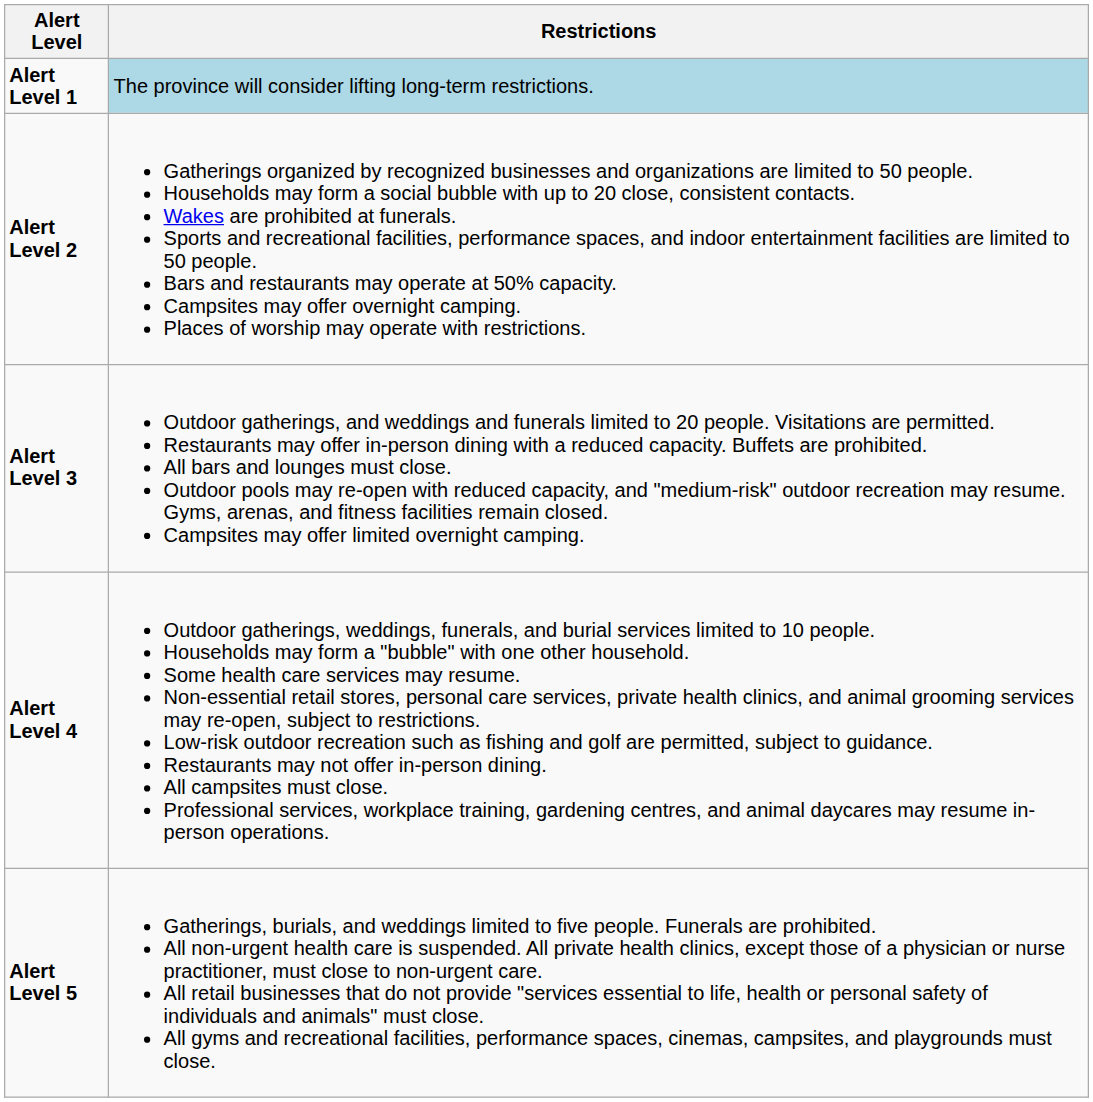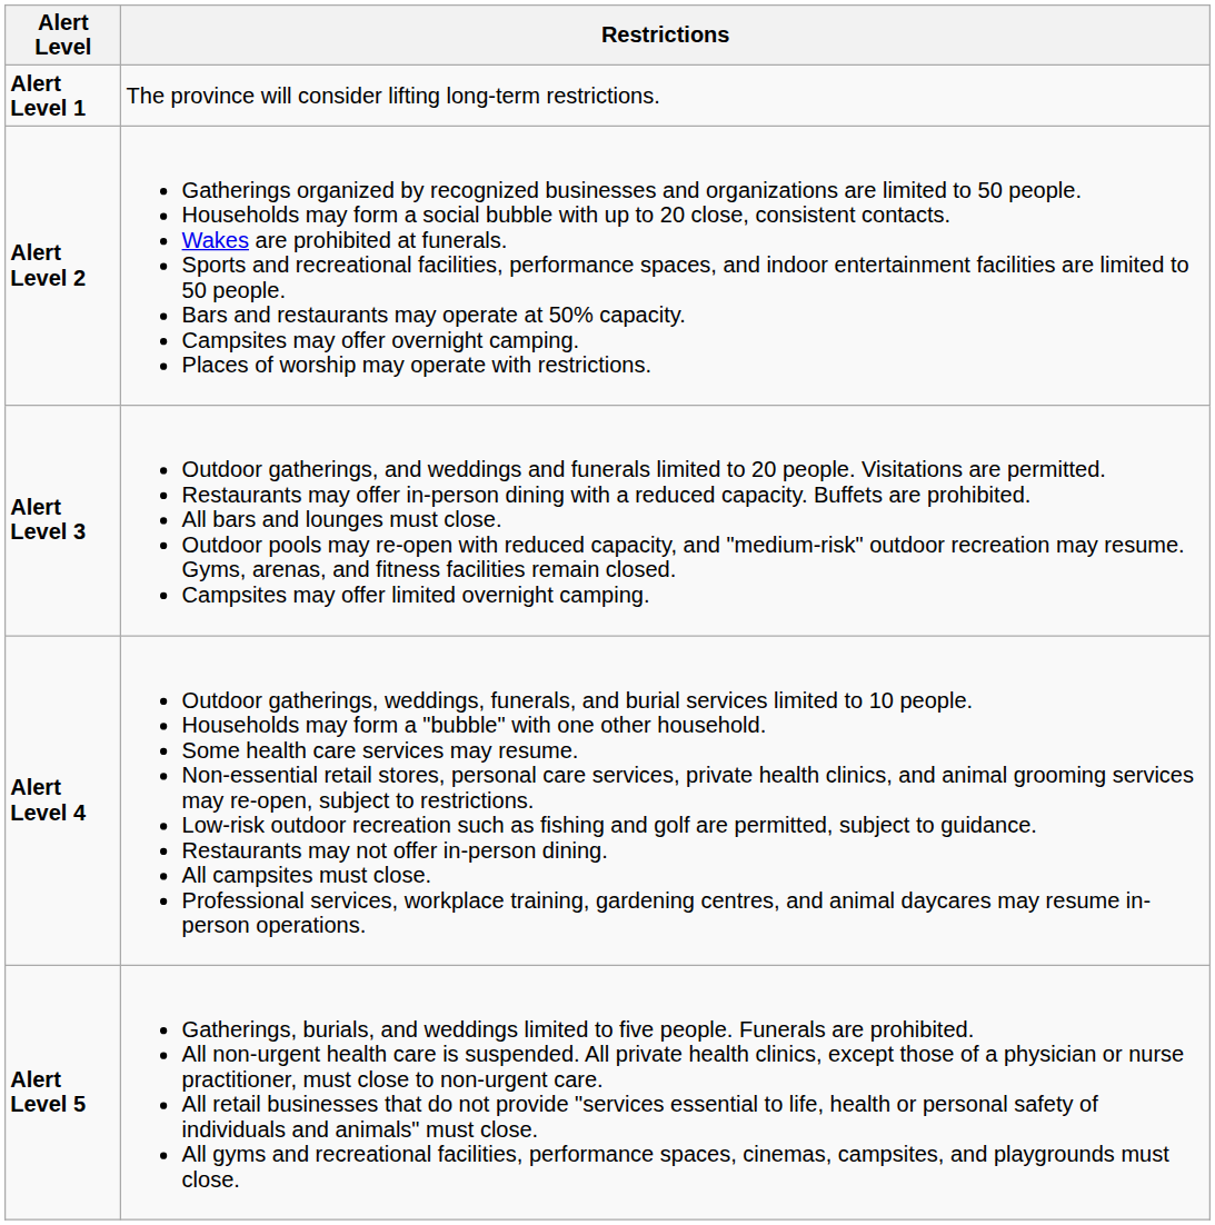 <table class="wikitable">
 <tr>
 <th>Alert Level</th>
 <th>Restrictions</th>
 </tr>
 <tr>
 <td><strong>Alert Level 1</strong></td>
-<td style="background: lightblue;">The province will consider lifting long-term restrictions.</td>
+<td>The province will consider lifting long-term restrictions.</td>
 </tr>
 <tr>
 <td><strong>Alert Level 2</strong></td>
 <td><br><ul><li>Gatherings organized by recognized businesses and organizations are limited to 50 people.</li><li>Households may form a social bubble with up to 20 close, consistent contacts.</li><li><a href='#'>Wakes</a> are prohibited at funerals.</li><li>Sports and recreational facilities, performance spaces, and indoor entertainment facilities are limited to 50 people.</li><li>Bars and restaurants may operate at 50% capacity.</li><li>Campsites may offer overnight camping.</li><li>Places of worship may operate with restrictions.</li></ul></td>
 </tr>
 <tr>
 <td><strong>Alert Level 3</strong></td>
 <td><br><ul><li>Outdoor gatherings, and weddings and funerals limited to 20 people. Visitations are permitted.</li><li>Restaurants may offer in-person dining with a reduced capacity. Buffets are prohibited.</li><li>All bars and lounges must close.</li><li>Outdoor pools may re-open with reduced capacity, and "medium-risk" outdoor recreation may resume. Gyms, arenas, and fitness facilities remain closed.</li><li>Campsites may offer limited overnight camping.</li></ul></td>
 </tr>
 <tr>
 <td><strong>Alert Level 4</strong></td>
 <td><br><ul><li>Outdoor gatherings, weddings, funerals, and burial services limited to 10 people.</li><li>Households may form a "bubble" with one other household.</li><li>Some health care services may resume.</li><li>Non-essential retail stores, personal care services, private health clinics, and animal grooming services may re-open, subject to restrictions.</li><li>Low-risk outdoor recreation such as fishing and golf are permitted, subject to guidance.</li><li>Restaurants may not offer in-person dining.</li><li>All campsites must close.</li><li>Professional services, workplace training, gardening centres, and animal daycares may resume in-person operations.</li></ul></td>
 </tr>
 <tr>
 <td><strong>Alert Level 5</strong></td>
 <td><br><ul><li>Gatherings, burials, and weddings limited to five people. Funerals are prohibited.</li><li>All non-urgent health care is suspended. All private health clinics, except those of a physician or nurse practitioner, must close to non-urgent care.</li><li>All retail businesses that do not provide "services essential to life, health or personal safety of individuals and animals" must close.</li><li>All gyms and recreational facilities, performance spaces, cinemas, campsites, and playgrounds must close.</li></ul></td>
 </tr>
 </table>
